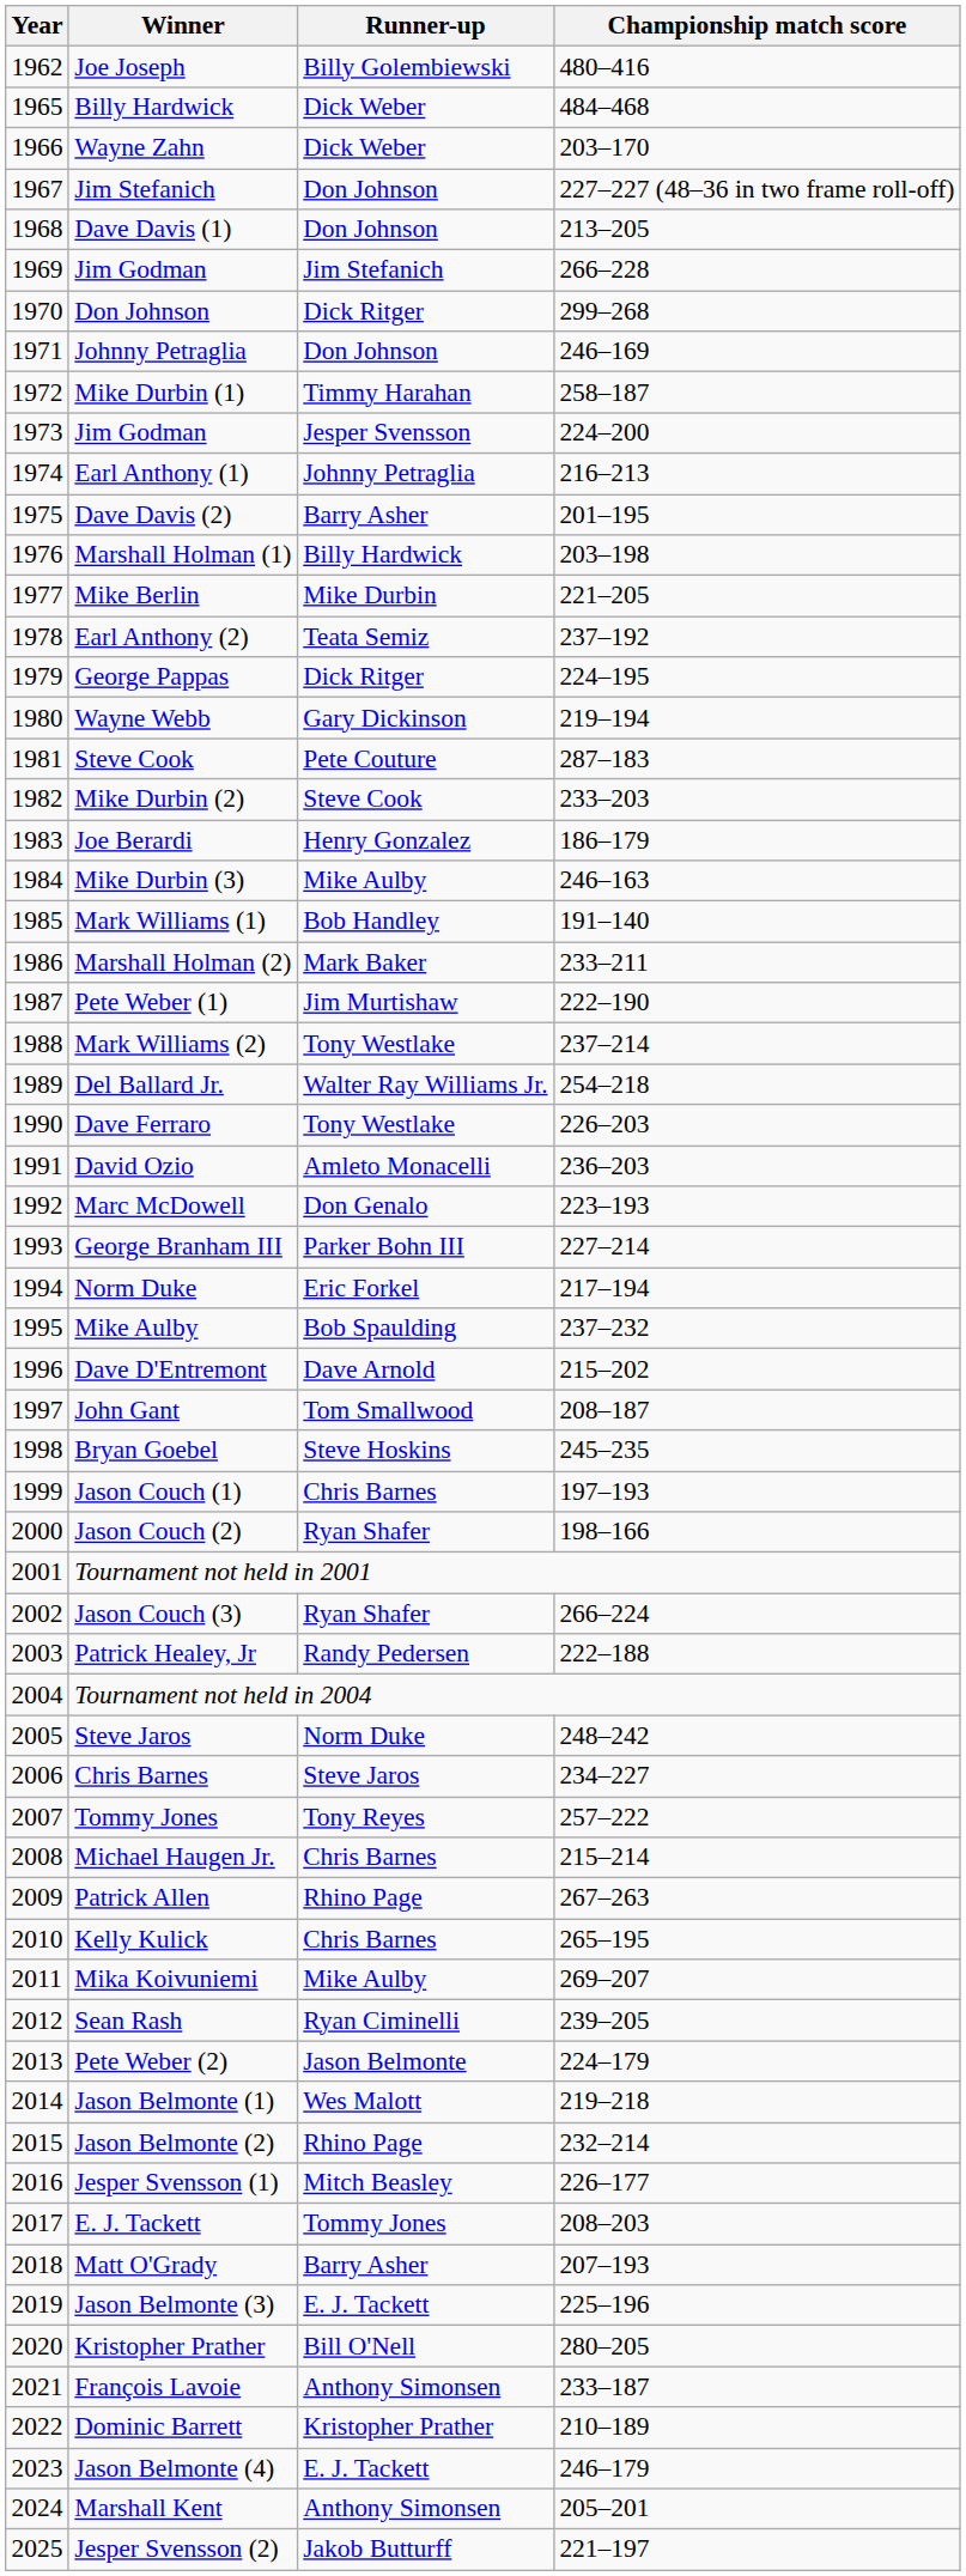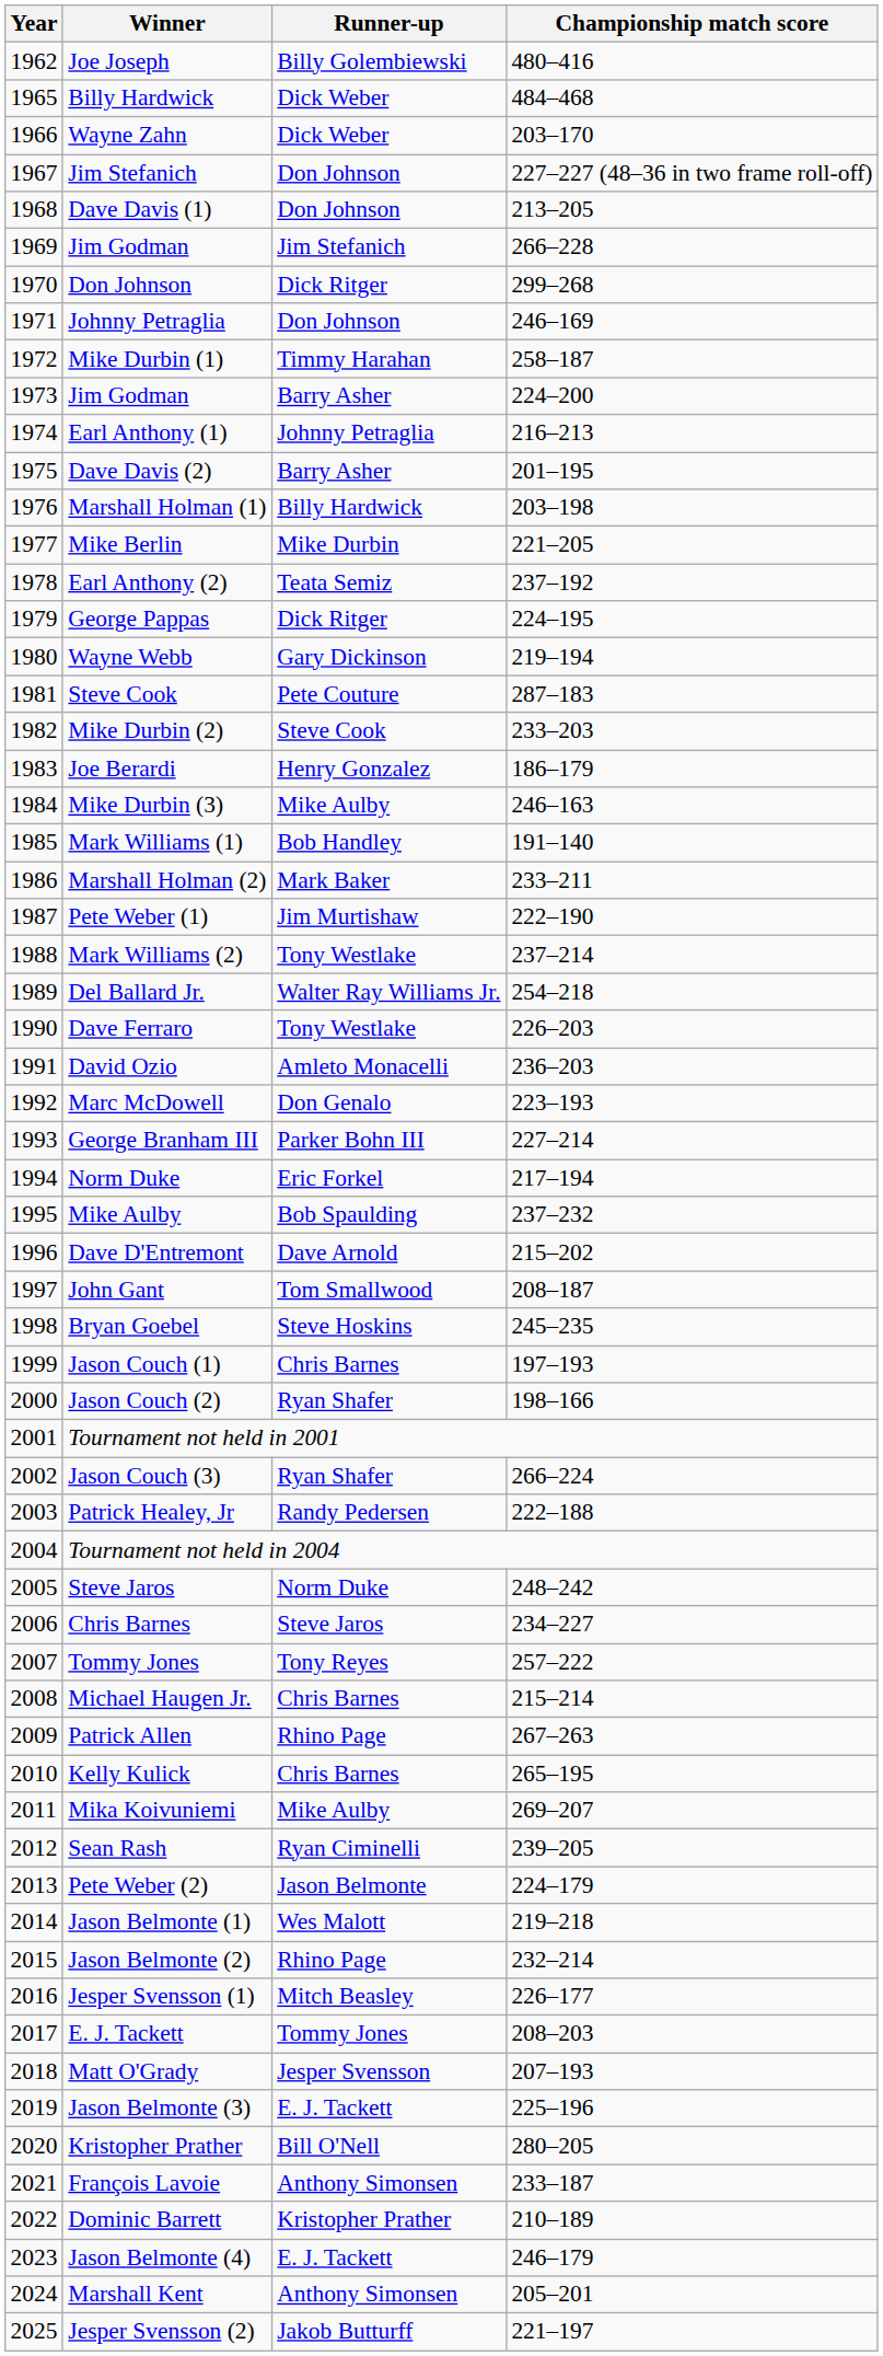 <table class="wikitable">
 <tr>
 <th>Year</th>
 <th>Winner</th>
 <th>Runner-up</th>
 <th>Championship match score</th>
 </tr>
 <tr>
 <td>1962</td>
 <td><a href='#'>Joe Joseph</a></td>
 <td><a href='#'>Billy Golembiewski</a></td>
 <td>480–416</td>
 </tr>
 <tr>
 <td>1965</td>
 <td><a href='#'>Billy Hardwick</a></td>
 <td><a href='#'>Dick Weber</a></td>
 <td>484–468</td>
 </tr>
 <tr>
 <td>1966</td>
 <td><a href='#'>Wayne Zahn</a></td>
 <td><a href='#'>Dick Weber</a></td>
 <td>203–170</td>
 </tr>
 <tr>
 <td>1967</td>
 <td><a href='#'>Jim Stefanich</a></td>
 <td><a href='#'>Don Johnson</a></td>
 <td>227–227 (48–36 in two frame roll-off)</td>
 </tr>
 <tr>
 <td>1968</td>
 <td><a href='#'>Dave Davis</a> (1)</td>
 <td><a href='#'>Don Johnson</a></td>
 <td>213–205</td>
 </tr>
 <tr>
 <td>1969</td>
 <td><a href='#'>Jim Godman</a></td>
 <td><a href='#'>Jim Stefanich</a></td>
 <td>266–228</td>
 </tr>
 <tr>
 <td>1970</td>
 <td><a href='#'>Don Johnson</a></td>
 <td><a href='#'>Dick Ritger</a></td>
 <td>299–268</td>
 </tr>
 <tr>
 <td>1971</td>
 <td><a href='#'>Johnny Petraglia</a></td>
 <td><a href='#'>Don Johnson</a></td>
 <td>246–169</td>
 </tr>
 <tr>
 <td>1972</td>
 <td><a href='#'>Mike Durbin</a> (1)</td>
 <td><a href='#'>Timmy Harahan</a></td>
 <td>258–187</td>
 </tr>
 <tr>
 <td>1973</td>
 <td><a href='#'>Jim Godman</a></td>
-<td><a href='#'>Jesper Svensson</a></td>
+<td><a href='#'>Barry Asher</a></td>
 <td>224–200</td>
 </tr>
 <tr>
 <td>1974</td>
 <td><a href='#'>Earl Anthony</a> (1)</td>
 <td><a href='#'>Johnny Petraglia</a></td>
 <td>216–213</td>
 </tr>
 <tr>
 <td>1975</td>
 <td><a href='#'>Dave Davis</a> (2)</td>
 <td><a href='#'>Barry Asher</a></td>
 <td>201–195</td>
 </tr>
 <tr>
 <td>1976</td>
 <td><a href='#'>Marshall Holman</a> (1)</td>
 <td><a href='#'>Billy Hardwick</a></td>
 <td>203–198</td>
 </tr>
 <tr>
 <td>1977</td>
 <td><a href='#'>Mike Berlin</a></td>
 <td><a href='#'>Mike Durbin</a></td>
 <td>221–205</td>
 </tr>
 <tr>
 <td>1978</td>
 <td><a href='#'>Earl Anthony</a> (2)</td>
 <td><a href='#'>Teata Semiz</a></td>
 <td>237–192</td>
 </tr>
 <tr>
 <td>1979</td>
 <td><a href='#'>George Pappas</a></td>
 <td><a href='#'>Dick Ritger</a></td>
 <td>224–195</td>
 </tr>
 <tr>
 <td>1980</td>
 <td><a href='#'>Wayne Webb</a></td>
 <td><a href='#'>Gary Dickinson</a></td>
 <td>219–194</td>
 </tr>
 <tr>
 <td>1981</td>
 <td><a href='#'>Steve Cook</a></td>
 <td><a href='#'>Pete Couture</a></td>
 <td>287–183</td>
 </tr>
 <tr>
 <td>1982</td>
 <td><a href='#'>Mike Durbin</a> (2)</td>
 <td><a href='#'>Steve Cook</a></td>
 <td>233–203</td>
 </tr>
 <tr>
 <td>1983</td>
 <td><a href='#'>Joe Berardi</a></td>
 <td><a href='#'>Henry Gonzalez</a></td>
 <td>186–179</td>
 </tr>
 <tr>
 <td>1984</td>
 <td><a href='#'>Mike Durbin</a> (3)</td>
 <td><a href='#'>Mike Aulby</a></td>
 <td>246–163</td>
 </tr>
 <tr>
 <td>1985</td>
 <td><a href='#'>Mark Williams</a> (1)</td>
 <td><a href='#'>Bob Handley</a></td>
 <td>191–140</td>
 </tr>
 <tr>
 <td>1986</td>
 <td><a href='#'>Marshall Holman</a> (2)</td>
 <td><a href='#'>Mark Baker</a></td>
 <td>233–211</td>
 </tr>
 <tr>
 <td>1987</td>
 <td><a href='#'>Pete Weber</a> (1)</td>
 <td><a href='#'>Jim Murtishaw</a></td>
 <td>222–190</td>
 </tr>
 <tr>
 <td>1988</td>
 <td><a href='#'>Mark Williams</a> (2)</td>
 <td><a href='#'>Tony Westlake</a></td>
 <td>237–214</td>
 </tr>
 <tr>
 <td>1989</td>
 <td><a href='#'>Del Ballard Jr.</a></td>
 <td><a href='#'>Walter Ray Williams Jr.</a></td>
 <td>254–218</td>
 </tr>
 <tr>
 <td>1990</td>
 <td><a href='#'>Dave Ferraro</a></td>
 <td><a href='#'>Tony Westlake</a></td>
 <td>226–203</td>
 </tr>
 <tr>
 <td>1991</td>
 <td><a href='#'>David Ozio</a></td>
 <td><a href='#'>Amleto Monacelli</a></td>
 <td>236–203</td>
 </tr>
 <tr>
 <td>1992</td>
 <td><a href='#'>Marc McDowell</a></td>
 <td><a href='#'>Don Genalo</a></td>
 <td>223–193</td>
 </tr>
 <tr>
 <td>1993</td>
 <td><a href='#'>George Branham III</a></td>
 <td><a href='#'>Parker Bohn III</a></td>
 <td>227–214</td>
 </tr>
 <tr>
 <td>1994</td>
 <td><a href='#'>Norm Duke</a></td>
 <td><a href='#'>Eric Forkel</a></td>
 <td>217–194</td>
 </tr>
 <tr>
 <td>1995</td>
 <td><a href='#'>Mike Aulby</a></td>
 <td><a href='#'>Bob Spaulding</a></td>
 <td>237–232</td>
 </tr>
 <tr>
 <td>1996</td>
 <td><a href='#'>Dave D'Entremont</a></td>
 <td><a href='#'>Dave Arnold</a></td>
 <td>215–202</td>
 </tr>
 <tr>
 <td>1997</td>
 <td><a href='#'>John Gant</a></td>
 <td><a href='#'>Tom Smallwood</a></td>
 <td>208–187</td>
 </tr>
 <tr>
 <td>1998</td>
 <td><a href='#'>Bryan Goebel</a></td>
 <td><a href='#'>Steve Hoskins</a></td>
 <td>245–235</td>
 </tr>
 <tr>
 <td>1999</td>
 <td><a href='#'>Jason Couch</a> (1)</td>
 <td><a href='#'>Chris Barnes</a></td>
 <td>197–193</td>
 </tr>
 <tr>
 <td>2000</td>
 <td><a href='#'>Jason Couch</a> (2)</td>
 <td><a href='#'>Ryan Shafer</a></td>
 <td>198–166</td>
 </tr>
 <tr>
 <td>2001</td>
 <td colspan="3"><em>Tournament not held in 2001</em></td>
 </tr>
 <tr>
 <td>2002</td>
 <td><a href='#'>Jason Couch</a> (3)</td>
 <td><a href='#'>Ryan Shafer</a></td>
 <td>266–224</td>
 </tr>
 <tr>
 <td>2003</td>
 <td><a href='#'>Patrick Healey, Jr</a></td>
 <td><a href='#'>Randy Pedersen</a></td>
 <td>222–188</td>
 </tr>
 <tr>
 <td>2004</td>
 <td colspan="3"><em>Tournament not held in 2004</em></td>
 </tr>
 <tr>
 <td>2005</td>
 <td><a href='#'>Steve Jaros</a></td>
 <td><a href='#'>Norm Duke</a></td>
 <td>248–242</td>
 </tr>
 <tr>
 <td>2006</td>
 <td><a href='#'>Chris Barnes</a></td>
 <td><a href='#'>Steve Jaros</a></td>
 <td>234–227</td>
 </tr>
 <tr>
 <td>2007</td>
 <td><a href='#'>Tommy Jones</a></td>
 <td><a href='#'>Tony Reyes</a></td>
 <td>257–222</td>
 </tr>
 <tr>
 <td>2008</td>
 <td><a href='#'>Michael Haugen Jr.</a></td>
 <td><a href='#'>Chris Barnes</a></td>
 <td>215–214</td>
 </tr>
 <tr>
 <td>2009</td>
 <td><a href='#'>Patrick Allen</a></td>
 <td><a href='#'>Rhino Page</a></td>
 <td>267–263</td>
 </tr>
 <tr>
 <td>2010</td>
 <td><a href='#'>Kelly Kulick</a></td>
 <td><a href='#'>Chris Barnes</a></td>
 <td>265–195</td>
 </tr>
 <tr>
 <td>2011</td>
 <td><a href='#'>Mika Koivuniemi</a></td>
 <td><a href='#'>Mike Aulby</a></td>
 <td>269–207</td>
 </tr>
 <tr>
 <td>2012</td>
 <td><a href='#'>Sean Rash</a></td>
 <td><a href='#'>Ryan Ciminelli</a></td>
 <td>239–205</td>
 </tr>
 <tr>
 <td>2013</td>
 <td><a href='#'>Pete Weber</a> (2)</td>
 <td><a href='#'>Jason Belmonte</a></td>
 <td>224–179</td>
 </tr>
 <tr>
 <td>2014</td>
 <td><a href='#'>Jason Belmonte</a> (1)</td>
 <td><a href='#'>Wes Malott</a></td>
 <td>219–218</td>
 </tr>
 <tr>
 <td>2015</td>
 <td><a href='#'>Jason Belmonte</a> (2)</td>
 <td><a href='#'>Rhino Page</a></td>
 <td>232–214</td>
 </tr>
 <tr>
 <td>2016</td>
 <td><a href='#'>Jesper Svensson</a> (1)</td>
 <td><a href='#'>Mitch Beasley</a></td>
 <td>226–177</td>
 </tr>
 <tr>
 <td>2017</td>
 <td><a href='#'>E. J. Tackett</a></td>
 <td><a href='#'>Tommy Jones</a></td>
 <td>208–203</td>
 </tr>
 <tr>
 <td>2018</td>
 <td><a href='#'>Matt O'Grady</a></td>
-<td><a href='#'>Barry Asher</a></td>
+<td><a href='#'>Jesper Svensson</a></td>
 <td>207–193</td>
 </tr>
 <tr>
 <td>2019</td>
 <td><a href='#'>Jason Belmonte</a> (3)</td>
 <td><a href='#'>E. J. Tackett</a></td>
 <td>225–196</td>
 </tr>
 <tr>
 <td>2020</td>
 <td><a href='#'>Kristopher Prather</a></td>
 <td><a href='#'>Bill O'Nell</a></td>
 <td>280–205</td>
 </tr>
 <tr>
 <td>2021</td>
 <td><a href='#'>François Lavoie</a></td>
 <td><a href='#'>Anthony Simonsen</a></td>
 <td>233–187</td>
 </tr>
 <tr>
 <td>2022</td>
 <td><a href='#'>Dominic Barrett</a></td>
 <td><a href='#'>Kristopher Prather</a></td>
 <td>210–189</td>
 </tr>
 <tr>
 <td>2023</td>
 <td><a href='#'>Jason Belmonte</a> (4)</td>
 <td><a href='#'>E. J. Tackett</a></td>
 <td>246–179</td>
 </tr>
 <tr>
 <td>2024</td>
 <td><a href='#'>Marshall Kent</a></td>
 <td><a href='#'>Anthony Simonsen</a></td>
 <td>205–201</td>
 </tr>
 <tr>
 <td>2025</td>
 <td><a href='#'>Jesper Svensson</a> (2)</td>
 <td><a href='#'>Jakob Butturff</a></td>
 <td>221–197</td>
 </tr>
 </table>
